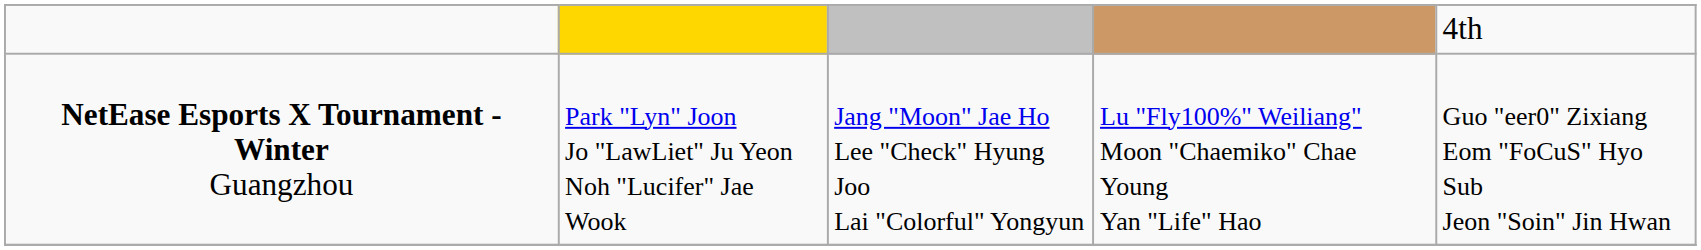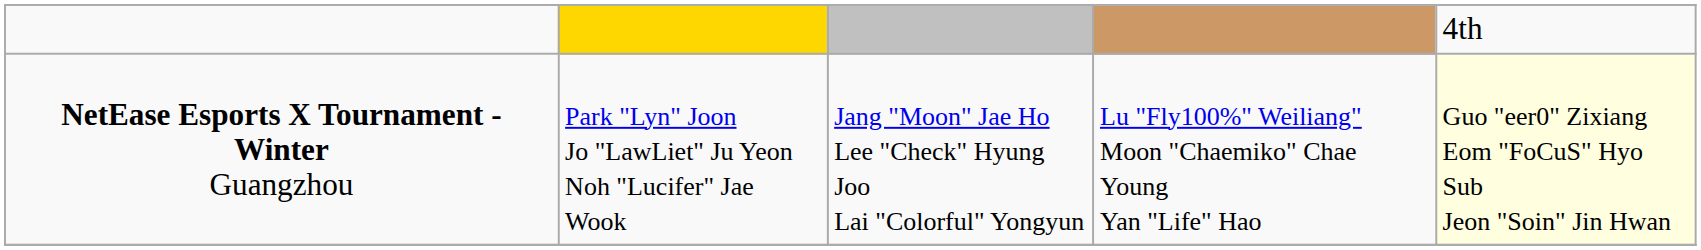 <table class="wikitable" style="text-align:left">
 <tr>
 <td style="text-align:center"></td>
 <td style="text-align:center; background:gold;"></td>
 <td style="text-align:center; background:silver;"></td>
 <td style="text-align:center; background:#c96;"></td>
 <td>4th</td>
 </tr>
 <tr>
 <td style="text-align:center"><strong>NetEase Esports X Tournament - Winter</strong><br> Guangzhou</td>
 <td style="vertical-align:top"><br><small> <a href='#'>Park "Lyn" Joon</a><br> Jo "LawLiet" Ju Yeon <br> Noh "Lucifer" Jae Wook <br></small></td>
 <td style="vertical-align:top"><br><small> <a href='#'>Jang "Moon" Jae Ho</a><br> Lee "Check" Hyung Joo <br> Lai "Colorful" Yongyun <br></small></td>
 <td style="vertical-align:top"><br><small> <a href='#'>Lu "Fly100%" Weiliang"</a><br> Moon "Chaemiko" Chae Young <br> Yan "Life" Hao <br></small></td>
-<td style="vertical-align:top"><br><small> Guo "eer0" Zixiang<br> Eom "FoCuS" Hyo Sub <br> Jeon "Soin" Jin Hwan <br></small></td>
+<td style="background: lightyellow; vertical-align:top"><br><small> Guo "eer0" Zixiang<br> Eom "FoCuS" Hyo Sub <br> Jeon "Soin" Jin Hwan <br></small></td>
 </tr>
 <tr>
 </tr>
 </table>
